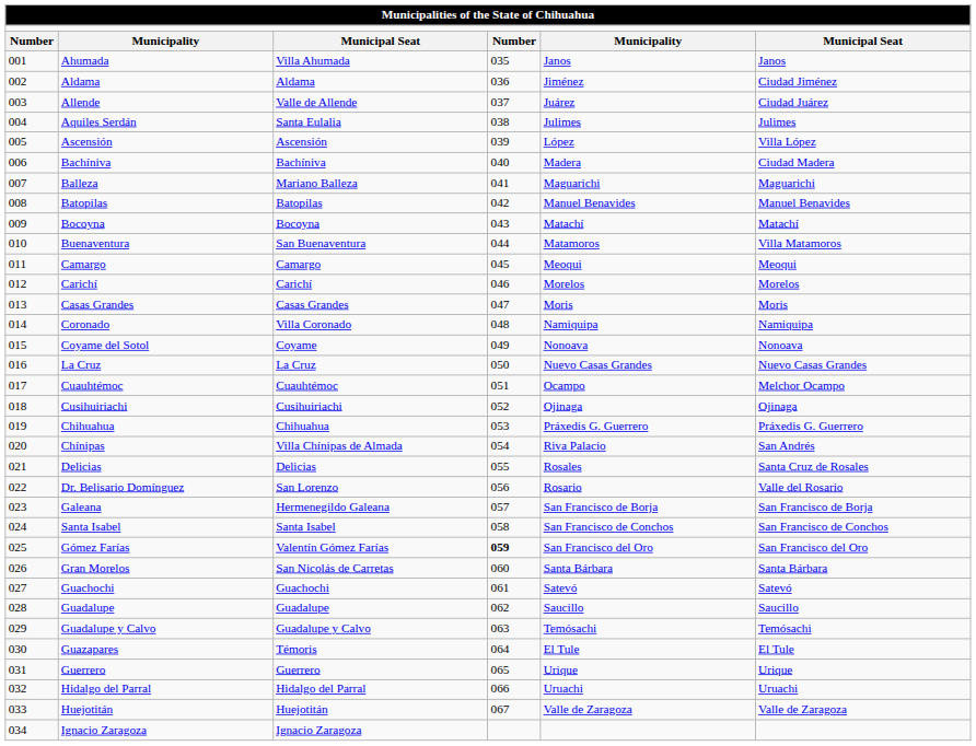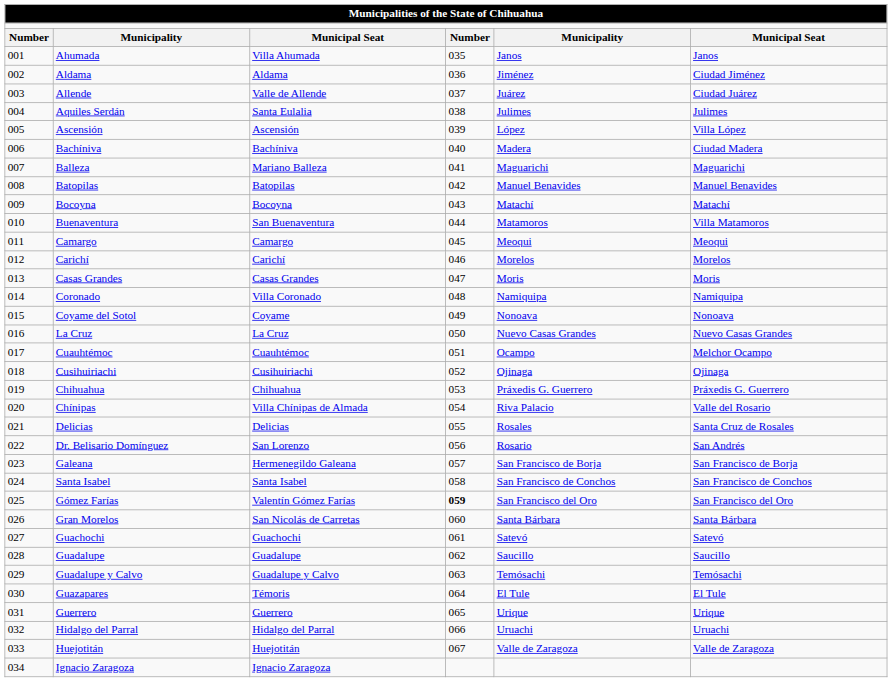 <table class="wikitable" style="margin:0.2em 0.5em; font-size:90%">
 <tr>
 <th colspan=6 style="background-color:black; color:white;">Municipalities of the State of Chihuahua</th>
 </tr>
 <tr>
 <td colspan="6"></td>
 </tr>
 <tr>
 <th width="55">Number</th>
 <th width="245">Municipality</th>
 <th width="245">Municipal Seat</th>
 <th width="55">Number</th>
 <th width="245">Municipality</th>
 <th width="245">Municipal Seat</th>
 </tr>
 <tr>
 <td>001</td>
 <td><a href='#'>Ahumada</a></td>
 <td><a href='#'>Villa Ahumada</a></td>
 <td>035</td>
 <td><a href='#'>Janos</a></td>
 <td><a href='#'>Janos</a></td>
 </tr>
 <tr>
 <td>002</td>
 <td><a href='#'>Aldama</a></td>
 <td><a href='#'>Aldama</a></td>
 <td>036</td>
 <td><a href='#'>Jiménez</a></td>
 <td><a href='#'>Ciudad Jiménez</a></td>
 </tr>
 <tr>
 <td>003</td>
 <td><a href='#'>Allende</a></td>
 <td><a href='#'>Valle de Allende</a></td>
 <td>037</td>
 <td><a href='#'>Juárez</a></td>
 <td><a href='#'>Ciudad Juárez</a></td>
 </tr>
 <tr>
 <td>004</td>
 <td><a href='#'>Aquiles Serdán</a></td>
 <td><a href='#'>Santa Eulalia</a></td>
 <td>038</td>
 <td><a href='#'>Julimes</a></td>
 <td><a href='#'>Julimes</a></td>
 </tr>
 <tr>
 <td>005</td>
 <td><a href='#'>Ascensión</a></td>
 <td><a href='#'>Ascensión</a></td>
 <td>039</td>
 <td><a href='#'>López</a></td>
 <td><a href='#'>Villa López</a></td>
 </tr>
 <tr>
 <td>006</td>
 <td><a href='#'>Bachíniva</a></td>
 <td><a href='#'>Bachíniva</a></td>
 <td>040</td>
 <td><a href='#'>Madera</a></td>
 <td><a href='#'>Ciudad Madera</a></td>
 </tr>
 <tr>
 <td>007</td>
 <td><a href='#'>Balleza</a></td>
 <td><a href='#'>Mariano Balleza</a></td>
 <td>041</td>
 <td><a href='#'>Maguarichi</a></td>
 <td><a href='#'>Maguarichi</a></td>
 </tr>
 <tr>
 <td>008</td>
 <td><a href='#'>Batopilas</a></td>
 <td><a href='#'>Batopilas</a></td>
 <td>042</td>
 <td><a href='#'>Manuel Benavides</a></td>
 <td><a href='#'>Manuel Benavides</a></td>
 </tr>
 <tr>
 <td>009</td>
 <td><a href='#'>Bocoyna</a></td>
 <td><a href='#'>Bocoyna</a></td>
 <td>043</td>
 <td><a href='#'>Matachí</a></td>
 <td><a href='#'>Matachí</a></td>
 </tr>
 <tr>
 <td>010</td>
 <td><a href='#'>Buenaventura</a></td>
 <td><a href='#'>San Buenaventura</a></td>
 <td>044</td>
 <td><a href='#'>Matamoros</a></td>
 <td><a href='#'>Villa Matamoros</a></td>
 </tr>
 <tr>
 <td>011</td>
 <td><a href='#'>Camargo</a></td>
 <td><a href='#'>Camargo</a></td>
 <td>045</td>
 <td><a href='#'>Meoqui</a></td>
 <td><a href='#'>Meoqui</a></td>
 </tr>
 <tr>
 <td>012</td>
 <td><a href='#'>Carichí</a></td>
 <td><a href='#'>Carichí</a></td>
 <td>046</td>
 <td><a href='#'>Morelos</a></td>
 <td><a href='#'>Morelos</a></td>
 </tr>
 <tr>
 <td>013</td>
 <td><a href='#'>Casas Grandes</a></td>
 <td><a href='#'>Casas Grandes</a></td>
 <td>047</td>
 <td><a href='#'>Moris</a></td>
 <td><a href='#'>Moris</a></td>
 </tr>
 <tr>
 <td>014</td>
 <td><a href='#'>Coronado</a></td>
 <td><a href='#'>Villa Coronado</a></td>
 <td>048</td>
 <td><a href='#'>Namiquipa</a></td>
 <td><a href='#'>Namiquipa</a></td>
 </tr>
 <tr>
 <td>015</td>
 <td><a href='#'>Coyame del Sotol</a></td>
 <td><a href='#'>Coyame</a></td>
 <td>049</td>
 <td><a href='#'>Nonoava</a></td>
 <td><a href='#'>Nonoava</a></td>
 </tr>
 <tr>
 <td>016</td>
 <td><a href='#'>La Cruz</a></td>
 <td><a href='#'>La Cruz</a></td>
 <td>050</td>
 <td><a href='#'>Nuevo Casas Grandes</a></td>
 <td><a href='#'>Nuevo Casas Grandes</a></td>
 </tr>
 <tr>
 <td>017</td>
 <td><a href='#'>Cuauhtémoc</a></td>
 <td><a href='#'>Cuauhtémoc</a></td>
 <td>051</td>
 <td><a href='#'>Ocampo</a></td>
 <td><a href='#'>Melchor Ocampo</a></td>
 </tr>
 <tr>
 <td>018</td>
 <td><a href='#'>Cusihuiriachi</a></td>
 <td><a href='#'>Cusihuiriachi</a></td>
 <td>052</td>
 <td><a href='#'>Ojinaga</a></td>
 <td><a href='#'>Ojinaga</a></td>
 </tr>
 <tr>
 <td>019</td>
 <td><a href='#'>Chihuahua</a></td>
 <td><a href='#'>Chihuahua</a></td>
 <td>053</td>
 <td><a href='#'>Práxedis G. Guerrero</a></td>
 <td><a href='#'>Práxedis G. Guerrero</a></td>
 </tr>
 <tr>
 <td>020</td>
 <td><a href='#'>Chínipas</a></td>
 <td><a href='#'>Villa Chínipas de Almada</a></td>
 <td>054</td>
 <td><a href='#'>Riva Palacio</a></td>
-<td><a href='#'>San Andrés</a></td>
+<td><a href='#'>Valle del Rosario</a></td>
 </tr>
 <tr>
 <td>021</td>
 <td><a href='#'>Delicias</a></td>
 <td><a href='#'>Delicias</a></td>
 <td>055</td>
 <td><a href='#'>Rosales</a></td>
 <td><a href='#'>Santa Cruz de Rosales</a></td>
 </tr>
 <tr>
 <td>022</td>
 <td><a href='#'>Dr. Belisario Domínguez</a></td>
 <td><a href='#'>San Lorenzo</a></td>
 <td>056</td>
 <td><a href='#'>Rosario</a></td>
-<td><a href='#'>Valle del Rosario</a></td>
+<td><a href='#'>San Andrés</a></td>
 </tr>
 <tr>
 <td>023</td>
 <td><a href='#'>Galeana</a></td>
 <td><a href='#'>Hermenegildo Galeana</a></td>
 <td>057</td>
 <td><a href='#'>San Francisco de Borja</a></td>
 <td><a href='#'>San Francisco de Borja</a></td>
 </tr>
 <tr>
 <td>024</td>
 <td><a href='#'>Santa Isabel</a></td>
 <td><a href='#'>Santa Isabel</a></td>
 <td>058</td>
 <td><a href='#'>San Francisco de Conchos</a></td>
 <td><a href='#'>San Francisco de Conchos</a></td>
 </tr>
 <tr>
 <td>025</td>
 <td><a href='#'>Gómez Farías</a></td>
 <td><a href='#'>Valentín Gómez Farías</a></td>
 <td><strong>059</strong></td>
 <td><a href='#'>San Francisco del Oro</a></td>
 <td><a href='#'>San Francisco del Oro</a></td>
 </tr>
 <tr>
 <td>026</td>
 <td><a href='#'>Gran Morelos</a></td>
 <td><a href='#'>San Nicolás de Carretas</a></td>
 <td>060</td>
 <td><a href='#'>Santa Bárbara</a></td>
 <td><a href='#'>Santa Bárbara</a></td>
 </tr>
 <tr>
 <td>027</td>
 <td><a href='#'>Guachochi</a></td>
 <td><a href='#'>Guachochi</a></td>
 <td>061</td>
 <td><a href='#'>Satevó</a></td>
 <td><a href='#'>Satevó</a></td>
 </tr>
 <tr>
 <td>028</td>
 <td><a href='#'>Guadalupe</a></td>
 <td><a href='#'>Guadalupe</a></td>
 <td>062</td>
 <td><a href='#'>Saucillo</a></td>
 <td><a href='#'>Saucillo</a></td>
 </tr>
 <tr>
 <td>029</td>
 <td><a href='#'>Guadalupe y Calvo</a></td>
 <td><a href='#'>Guadalupe y Calvo</a></td>
 <td>063</td>
 <td><a href='#'>Temósachi</a></td>
 <td><a href='#'>Temósachi</a></td>
 </tr>
 <tr>
 <td>030</td>
 <td><a href='#'>Guazapares</a></td>
 <td><a href='#'>Témoris</a></td>
 <td>064</td>
 <td><a href='#'>El Tule</a></td>
 <td><a href='#'>El Tule</a></td>
 </tr>
 <tr>
 <td>031</td>
 <td><a href='#'>Guerrero</a></td>
 <td><a href='#'>Guerrero</a></td>
 <td>065</td>
 <td><a href='#'>Urique</a></td>
 <td><a href='#'>Urique</a></td>
 </tr>
 <tr>
 <td>032</td>
 <td><a href='#'>Hidalgo del Parral</a></td>
 <td><a href='#'>Hidalgo del Parral</a></td>
 <td>066</td>
 <td><a href='#'>Uruachi</a></td>
 <td><a href='#'>Uruachi</a></td>
 </tr>
 <tr>
 <td>033</td>
 <td><a href='#'>Huejotitán</a></td>
 <td><a href='#'>Huejotitán</a></td>
 <td>067</td>
 <td><a href='#'>Valle de Zaragoza</a></td>
 <td><a href='#'>Valle de Zaragoza</a></td>
 </tr>
 <tr>
 <td>034</td>
 <td><a href='#'>Ignacio Zaragoza</a></td>
 <td><a href='#'>Ignacio Zaragoza</a></td>
 <td></td>
 <td></td>
 <td></td>
 </tr>
 </table>
